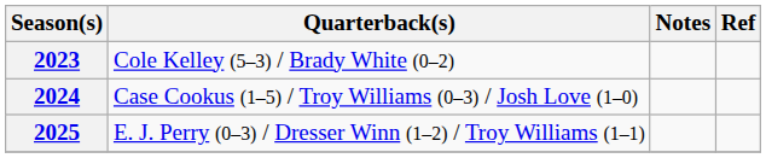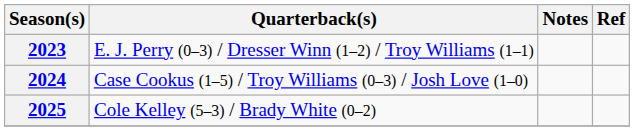 <table class="wikitable plainrowheaders">
 <tr>
 <th>Season(s)</th>
 <th>Quarterback(s)</th>
 <th>Notes</th>
 <th>Ref</th>
 </tr>
 <tr>
 <th scope="row"><a href='#'>2023</a></th>
-<td><a href='#'>Cole Kelley</a> <small>(5–3)</small> / <a href='#'>Brady White</a> <small>(0–2)</small></td>
+<td><a href='#'>E. J. Perry</a> <small>(0–3)</small> / <a href='#'>Dresser Winn</a> <small>(1–2)</small> / <a href='#'>Troy Williams</a> <small>(1–1)</small></td>
 <td></td>
 <td></td>
 </tr>
 <tr>
 <th scope="row"><a href='#'>2024</a></th>
 <td><a href='#'>Case Cookus</a> <small>(1–5)</small> / <a href='#'>Troy Williams</a> <small>(0–3)</small> / <a href='#'>Josh Love</a> <small>(1–0)</small></td>
 <td></td>
 <td></td>
 </tr>
 <tr>
 <th scope="row"><a href='#'>2025</a></th>
-<td><a href='#'>E. J. Perry</a> <small>(0–3)</small> / <a href='#'>Dresser Winn</a> <small>(1–2)</small> / <a href='#'>Troy Williams</a> <small>(1–1)</small></td>
+<td><a href='#'>Cole Kelley</a> <small>(5–3)</small> / <a href='#'>Brady White</a> <small>(0–2)</small></td>
 <td></td>
 <td></td>
 </tr>
 <tr>
 </tr>
 </table>
